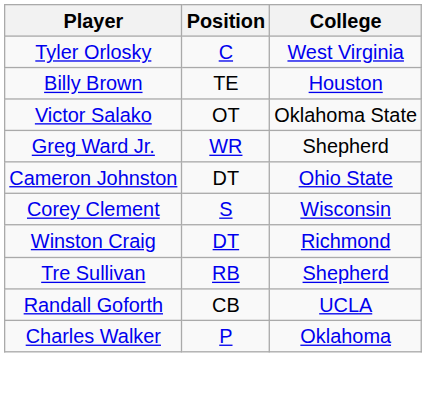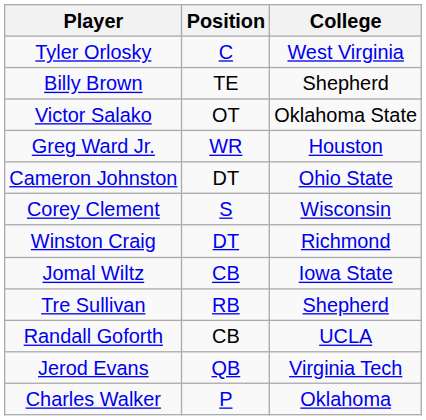 <table class="wikitable sortable" style="font-size: 95%; text-align: center">
 <tr>
 <th>Player</th>
 <th>Position</th>
 <th>College</th>
 </tr>
 <tr>
 <td><a href='#'>Tyler Orlosky</a></td>
 <td><a href='#'>C</a></td>
 <td><a href='#'>West Virginia</a></td>
 </tr>
 <tr>
 <td><a href='#'>Billy Brown</a></td>
 <td>TE</td>
-<td><a href='#'>Houston</a></td>
+<td>Shepherd</td>
 </tr>
 <tr>
 <td><a href='#'>Victor Salako</a></td>
 <td>OT</td>
 <td>Oklahoma State</td>
 </tr>
 <tr>
 <td><a href='#'>Greg Ward Jr.</a></td>
 <td><a href='#'>WR</a></td>
-<td>Shepherd</td>
+<td><a href='#'>Houston</a></td>
 </tr>
 <tr>
 <td><a href='#'>Cameron Johnston</a></td>
 <td>DT</td>
 <td><a href='#'>Ohio State</a></td>
 </tr>
 <tr>
 <td><a href='#'>Corey Clement</a></td>
 <td><a href='#'>S</a></td>
 <td><a href='#'>Wisconsin</a></td>
 </tr>
 <tr>
 <td><a href='#'>Winston Craig</a></td>
 <td><a href='#'>DT</a></td>
 <td><a href='#'>Richmond</a></td>
 </tr>
 <tr>
+<td><a href='#'>Jomal Wiltz</a></td>
+<td><a href='#'>CB</a></td>
+<td><a href='#'>Iowa State</a></td>
+</tr>
+<tr>
 <td><a href='#'>Tre Sullivan</a></td>
 <td><a href='#'>RB</a></td>
 <td><a href='#'>Shepherd</a></td>
 </tr>
 <tr>
 <td><a href='#'>Randall Goforth</a></td>
 <td>CB</td>
 <td><a href='#'>UCLA</a></td>
 </tr>
 <tr>
+<td><a href='#'>Jerod Evans</a></td>
+<td><a href='#'>QB</a></td>
+<td><a href='#'>Virginia Tech</a></td>
+</tr>
+<tr>
 <td><a href='#'>Charles Walker</a></td>
 <td><a href='#'>P</a></td>
 <td><a href='#'>Oklahoma</a></td>
 </tr>
 </table>
